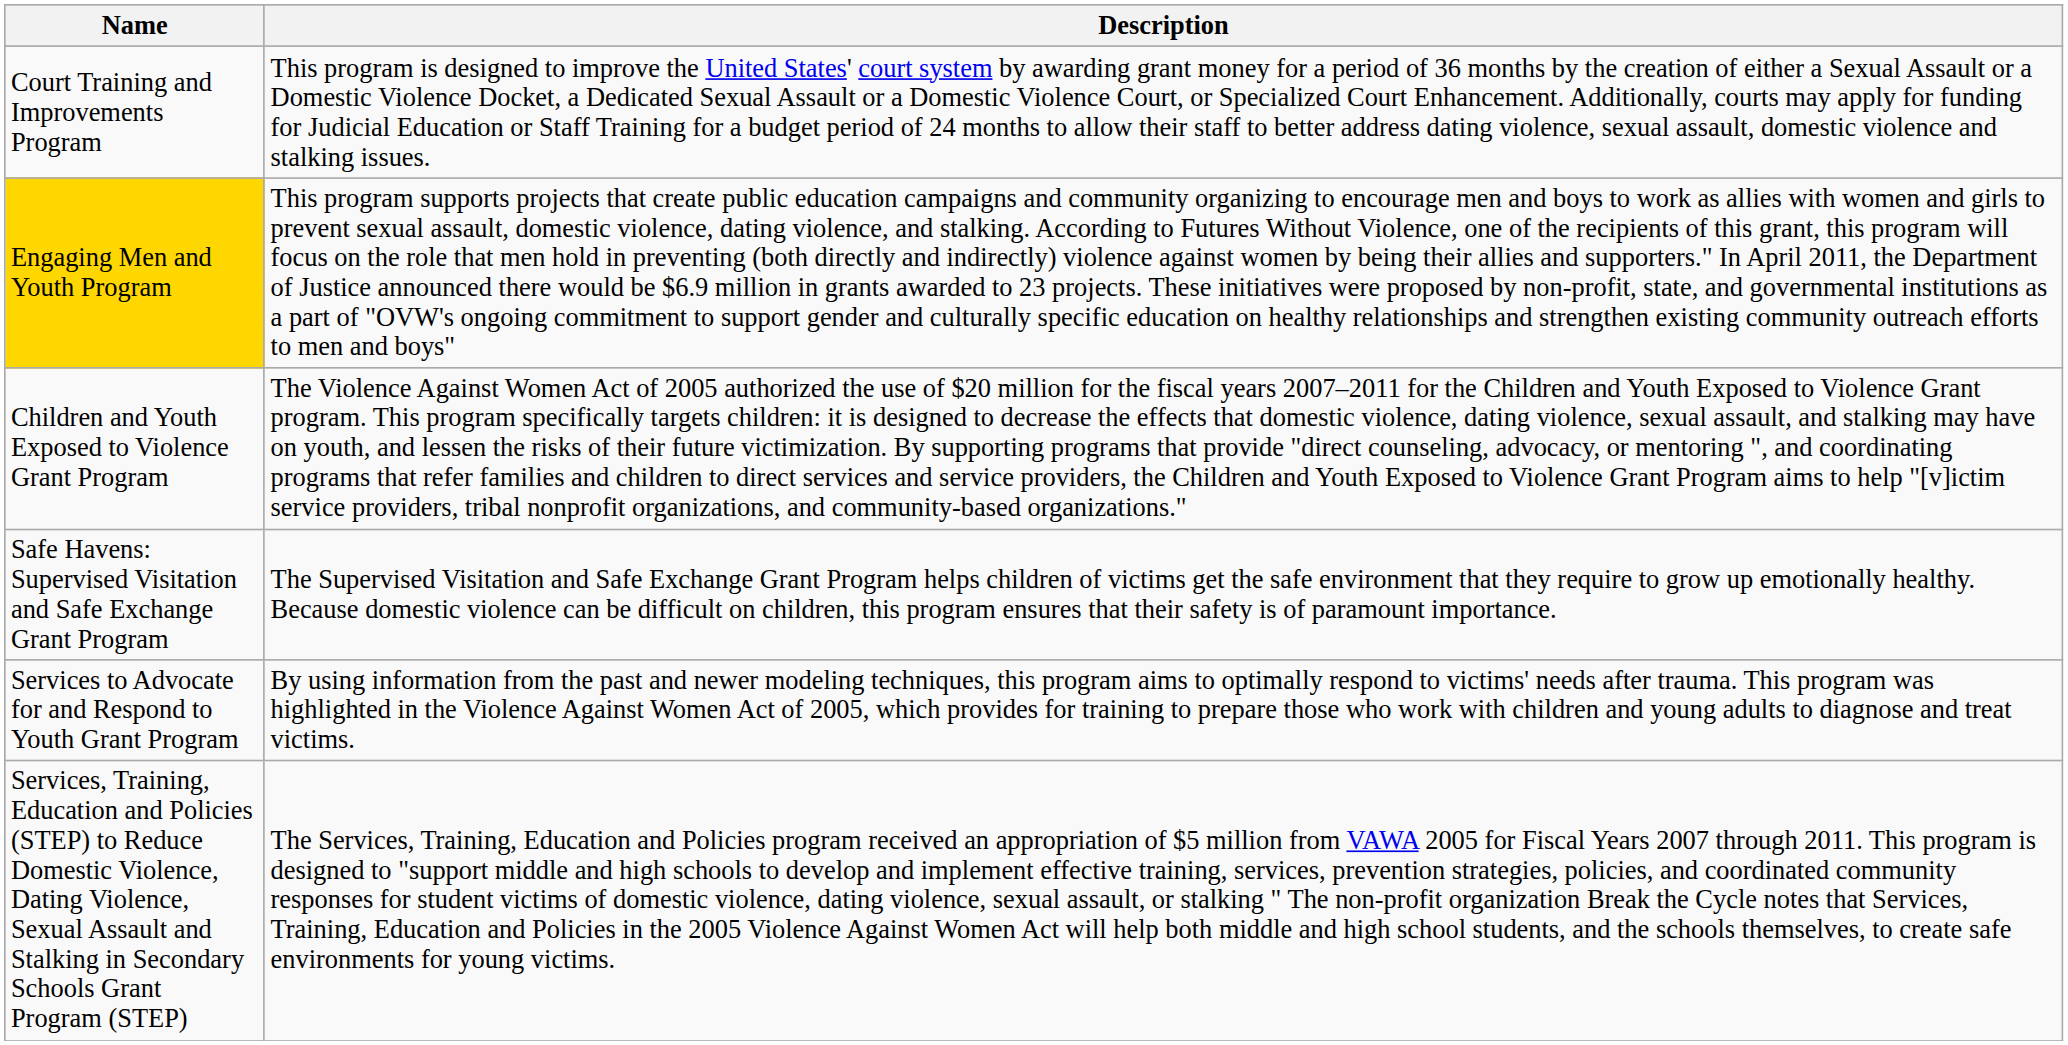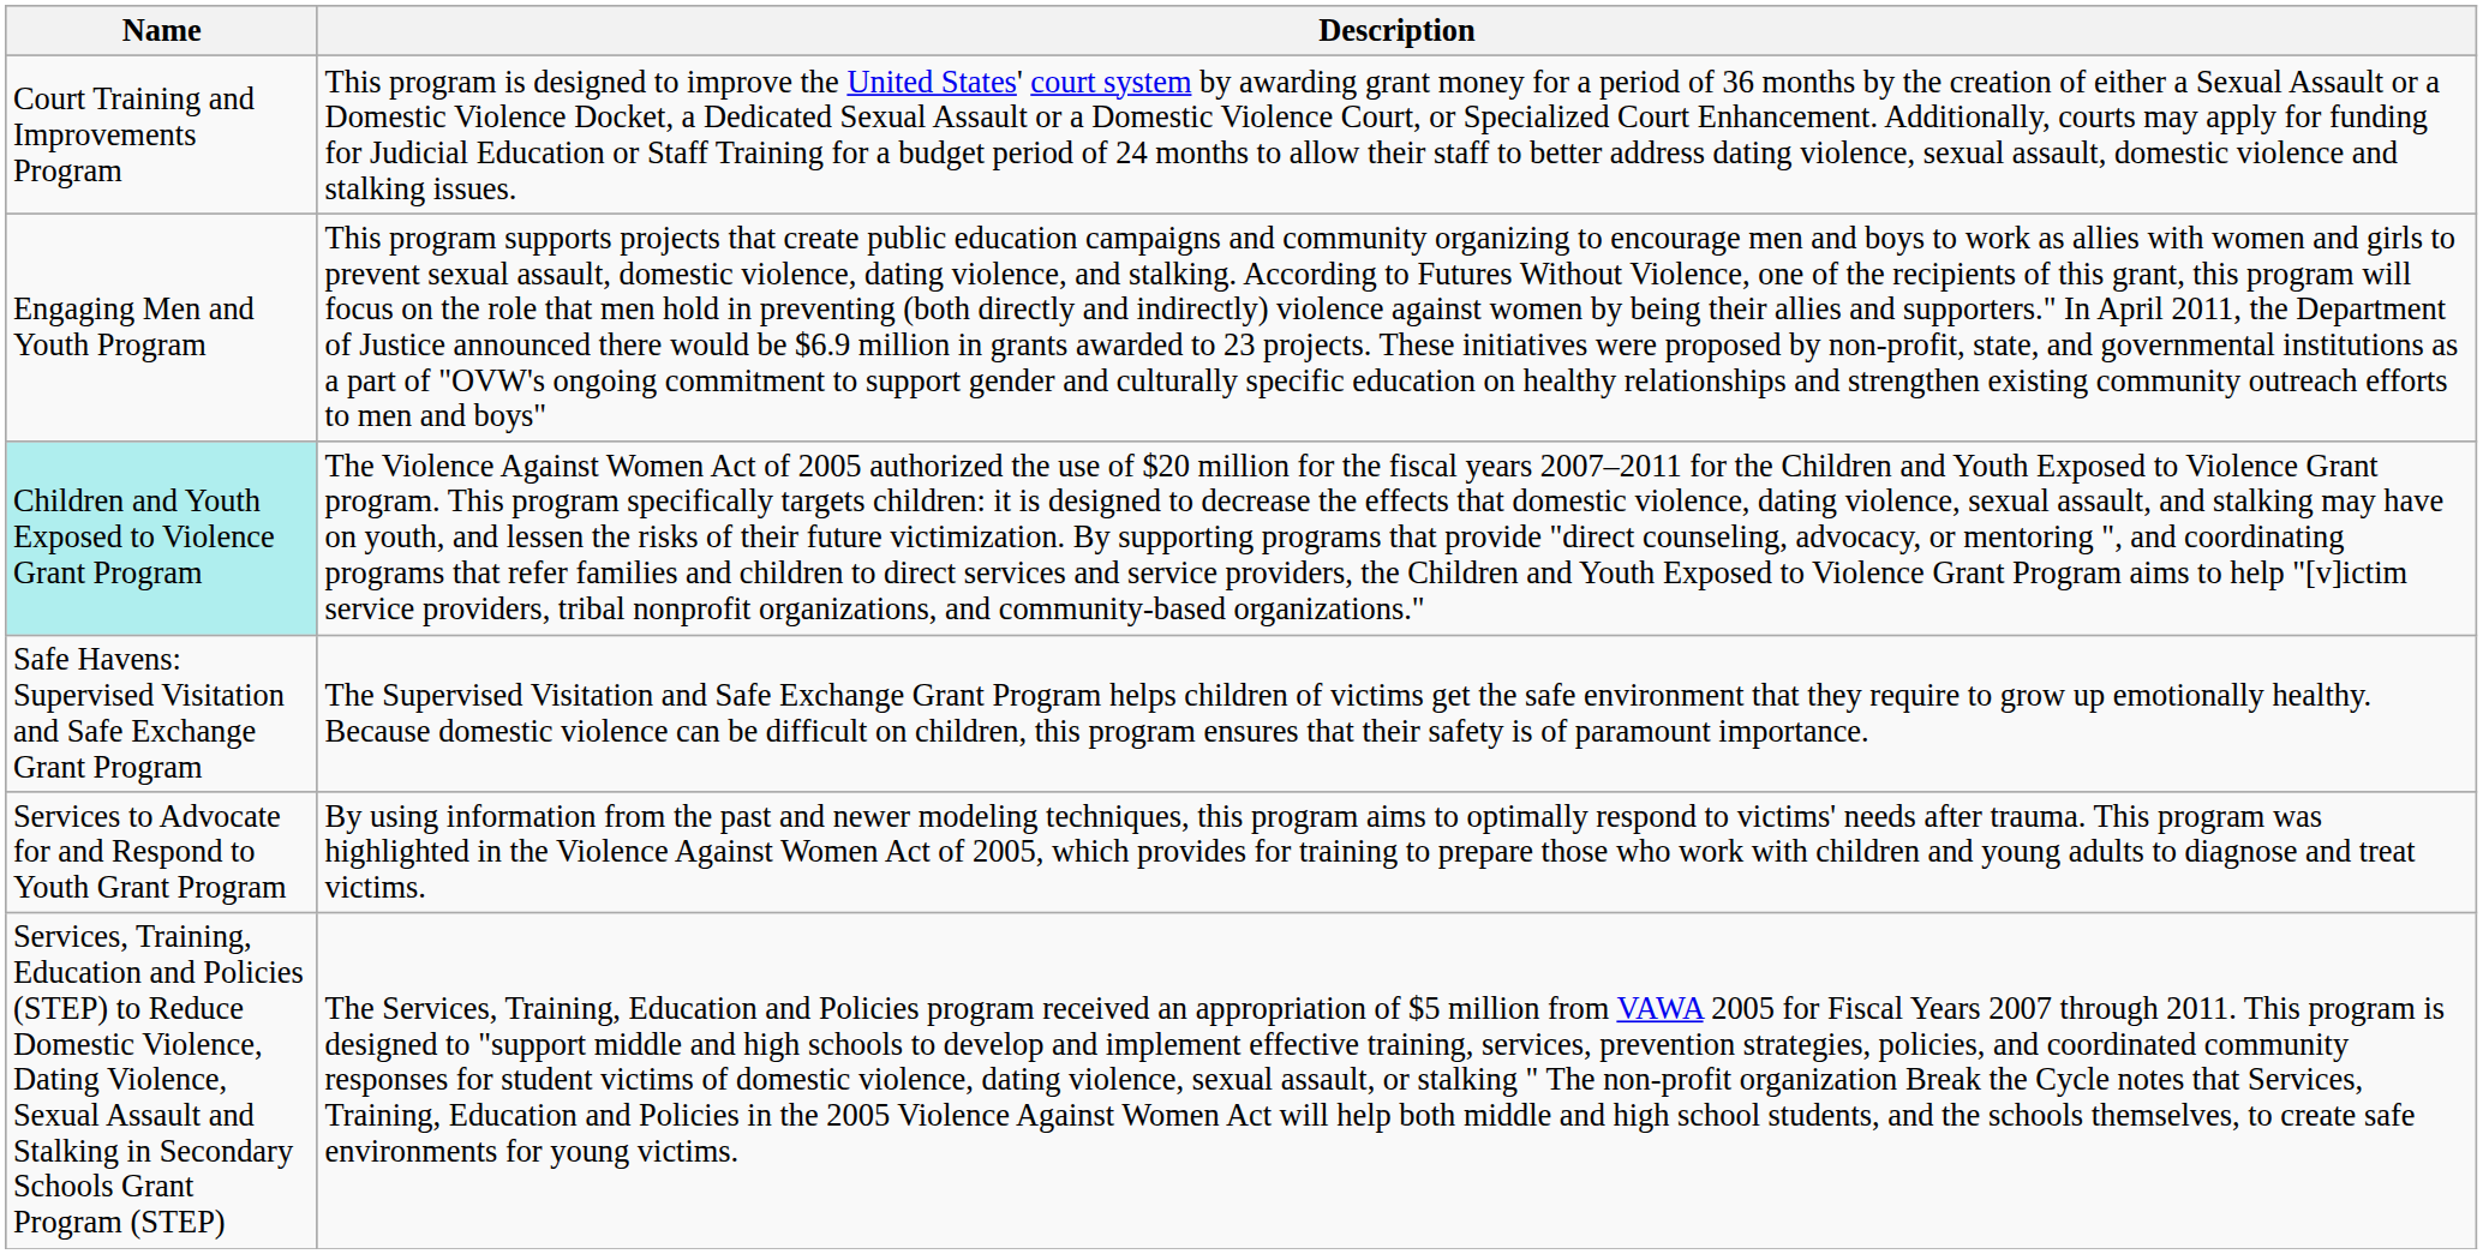 <table class="wikitable sortable">
 <tr>
 <th width="150">Name</th>
 <th class="unsortable">Description</th>
 </tr>
 <tr>
 <td>Court Training and Improvements Program</td>
 <td>This program is designed to improve the <a href='#'>United States</a>' <a href='#'>court system</a> by awarding grant money for a period of 36 months by the creation of either a Sexual Assault or a Domestic Violence Docket, a Dedicated Sexual Assault or a Domestic Violence Court, or Specialized Court Enhancement. Additionally, courts may apply for funding for Judicial Education or Staff Training for a budget period of 24 months to allow their staff to better address dating violence, sexual assault, domestic violence and stalking issues.</td>
 </tr>
 <tr>
-<td style="background: gold;">Engaging Men and Youth Program</td>
+<td>Engaging Men and Youth Program</td>
 <td>This program supports projects that create public education campaigns and community organizing to encourage men and boys to work as allies with women and girls to prevent sexual assault, domestic violence, dating violence, and stalking. According to Futures Without Violence, one of the recipients of this grant, this program will focus on the role that men hold in preventing (both directly and indirectly) violence against women by being their allies and supporters." In April 2011, the Department of Justice announced there would be $6.9 million in grants awarded to 23 projects. These initiatives were proposed by non-profit, state, and governmental institutions as a part of "OVW's ongoing commitment to support gender and culturally specific education on healthy relationships and strengthen existing community outreach efforts to men and boys"</td>
 </tr>
 <tr>
-<td>Children and Youth Exposed to Violence Grant Program</td>
+<td style="background: paleturquoise;">Children and Youth Exposed to Violence Grant Program</td>
 <td>The Violence Against Women Act of 2005 authorized the use of $20 million for the fiscal years 2007–2011 for the Children and Youth Exposed to Violence Grant program.  This program specifically targets children: it is designed to decrease the effects that domestic violence, dating violence, sexual assault, and stalking may have on youth, and lessen the risks of their future victimization.  By supporting programs that provide "direct counseling, advocacy, or mentoring ", and coordinating programs that refer families and children to direct services and service providers, the Children and Youth Exposed to Violence Grant Program aims to help "[v]ictim service providers, tribal nonprofit organizations, and community-based organizations."</td>
 </tr>
 <tr>
 <td>Safe Havens: Supervised Visitation and Safe Exchange Grant Program</td>
 <td>The Supervised Visitation and Safe Exchange Grant Program helps children of victims get the safe environment that they require to grow up emotionally healthy.  Because domestic violence can be difficult on children, this program ensures that their safety is of paramount importance.</td>
 </tr>
 <tr>
 <td>Services to Advocate for and Respond to Youth Grant Program</td>
 <td>By using information from the past and newer modeling techniques, this program aims to optimally respond to victims' needs after trauma. This program was highlighted in the Violence Against Women Act of 2005, which provides for training to prepare those who work with children and young adults to diagnose and treat victims.</td>
 </tr>
 <tr>
 <td>Services, Training, Education and Policies (STEP) to Reduce Domestic Violence, Dating Violence, Sexual Assault and Stalking in Secondary Schools Grant Program (STEP)</td>
 <td>The Services, Training, Education and Policies program received an appropriation of $5 million from <a href='#'>VAWA</a> 2005 for Fiscal Years 2007 through 2011. This program is designed to "support middle and high schools to develop and implement effective training, services, prevention strategies, policies, and coordinated community responses for student victims of domestic violence, dating violence, sexual assault, or stalking " The non-profit organization Break the Cycle notes that Services, Training, Education and Policies in the 2005 Violence Against Women Act will help both middle and high school students, and the schools themselves, to create safe environments for young victims.</td>
 </tr>
 </table>
